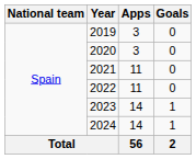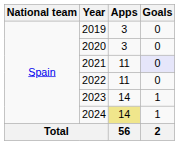 <table class="wikitable" style="text-align:center">
 <tr>
 <th>National team</th>
 <th>Year</th>
 <th>Apps</th>
 <th>Goals</th>
 </tr>
 <tr>
 <td rowspan="6"><a href='#'>Spain</a></td>
 <td>2019</td>
 <td>3</td>
 <td>0</td>
 </tr>
 <tr>
 <td>2020</td>
 <td>3</td>
 <td>0</td>
 </tr>
 <tr>
 <td>2021</td>
 <td>11</td>
-<td>0</td>
+<td style="background: lavender;">0</td>
 </tr>
 <tr>
 <td>2022</td>
 <td>11</td>
 <td>0</td>
 </tr>
 <tr>
 <td>2023</td>
 <td>14</td>
 <td>1</td>
 </tr>
 <tr>
 <td>2024</td>
-<td>14</td>
+<td style="background: khaki;">14</td>
 <td>1</td>
 </tr>
 <tr>
 <th colspan="2">Total</th>
 <th>56</th>
 <th>2</th>
 </tr>
 </table>
